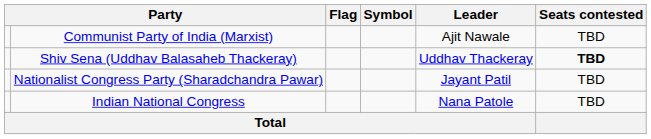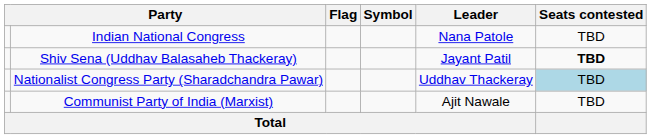 <table class="wikitable" style="text-align:center;">
 <tr>
 <th colspan="2">Party</th>
 <th>Flag</th>
 <th>Symbol</th>
 <th>Leader</th>
 <th>Seats contested</th>
 </tr>
 <tr>
 <td></td>
+<td><a href='#'>Indian National Congress</a></td>
+<td></td>
+<td></td>
+<td><a href='#'>Nana Patole</a></td>
+<td>TBD</td>
+</tr>
+<tr>
+<td></td>
+<td><a href='#'>Shiv Sena (Uddhav Balasaheb Thackeray)</a></td>
+<td></td>
+<td></td>
+<td><a href='#'>Jayant Patil</a></td>
+<td><strong>TBD</strong></td>
+</tr>
+<tr>
+<td></td>
+<td><a href='#'>Nationalist Congress Party (Sharadchandra Pawar)</a></td>
+<td></td>
+<td></td>
+<td><a href='#'>Uddhav Thackeray</a></td>
+<td style="background: lightblue;">TBD</td>
+</tr>
+<tr>
+<td></td>
 <td><a href='#'>Communist Party of India (Marxist)</a></td>
 <td></td>
 <td></td>
 <td>Ajit Nawale</td>
 <td>TBD</td>
 </tr>
 <tr>
-<td></td>
-<td><a href='#'>Shiv Sena (Uddhav Balasaheb Thackeray)</a></td>
-<td></td>
-<td></td>
-<td><a href='#'>Uddhav Thackeray</a></td>
-<td><strong>TBD</strong></td>
-</tr>
-<tr>
-<td></td>
-<td><a href='#'>Nationalist Congress Party (Sharadchandra Pawar)</a></td>
-<td></td>
-<td></td>
-<td><a href='#'>Jayant Patil</a></td>
-<td>TBD</td>
-</tr>
-<tr>
-<td></td>
-<td><a href='#'>Indian National Congress</a></td>
-<td></td>
-<td></td>
-<td><a href='#'>Nana Patole</a></td>
-<td>TBD</td>
-</tr>
-<tr>
 <th colspan="5">Total</th>
 <th></th>
 </tr>
 </table>
